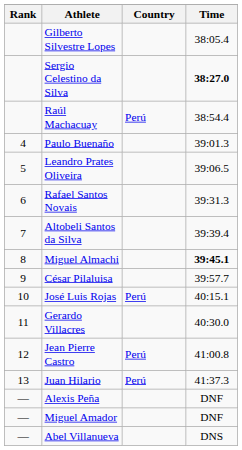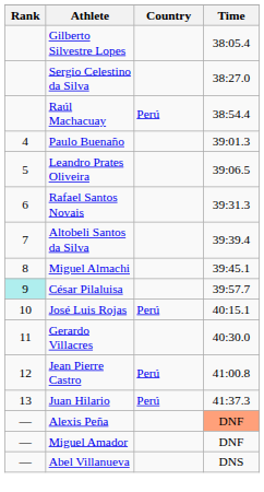 <table class="wikitable sortable" style=" text-align:center; font-size:95%;" width="50%">
 <tr>
 </tr>
 <tr>
 <th width=5%>Rank</th>
 <th width=20%>Athlete</th>
 <th width=15%>Country</th>
 <th width=10%>Time</th>
 </tr>
 <tr>
 <td align=center></td>
 <td align=left><a href='#'>Gilberto Silvestre Lopes</a></td>
 <td align=left></td>
 <td>38:05.4</td>
 </tr>
 <tr>
 <td align=center></td>
 <td align=left><a href='#'>Sergio Celestino da Silva</a></td>
 <td align=left></td>
-<td><strong>38:27.0</strong></td>
+<td>38:27.0</td>
 </tr>
 <tr>
 <td align=center></td>
 <td align=left><a href='#'>Raúl Machacuay</a></td>
 <td align=left> <a href='#'>Perú</a></td>
 <td>38:54.4</td>
 </tr>
 <tr>
 <td align=center>4</td>
 <td align=left><a href='#'>Paulo Buenaño</a></td>
 <td align=left></td>
 <td>39:01.3</td>
 </tr>
 <tr>
 <td align=center>5</td>
 <td align=left><a href='#'>Leandro Prates Oliveira</a></td>
 <td align=left></td>
 <td>39:06.5</td>
 </tr>
 <tr>
 <td align=center>6</td>
 <td align=left><a href='#'>Rafael Santos Novais</a></td>
 <td align=left></td>
 <td>39:31.3</td>
 </tr>
 <tr>
 <td align=center>7</td>
 <td align=left><a href='#'>Altobeli Santos da Silva</a></td>
 <td align=left></td>
 <td>39:39.4</td>
 </tr>
 <tr>
 <td align=center>8</td>
 <td align=left><a href='#'>Miguel Almachi</a></td>
 <td align=left></td>
-<td><strong>39:45.1</strong></td>
+<td>39:45.1</td>
 </tr>
 <tr>
-<td align=center>9</td>
+<td align=center style="background: paleturquoise;">9</td>
 <td align=left><a href='#'>César Pilaluisa</a></td>
 <td align=left></td>
 <td>39:57.7</td>
 </tr>
 <tr>
 <td align=center>10</td>
 <td align=left><a href='#'>José Luis Rojas</a></td>
 <td align=left> <a href='#'>Perú</a></td>
 <td>40:15.1</td>
 </tr>
 <tr>
 <td align=center>11</td>
 <td align=left><a href='#'>Gerardo Villacres</a></td>
 <td align=left></td>
 <td>40:30.0</td>
 </tr>
 <tr>
 <td align=center>12</td>
 <td align=left><a href='#'>Jean Pierre Castro</a></td>
 <td align=left> <a href='#'>Perú</a></td>
 <td>41:00.8</td>
 </tr>
 <tr>
 <td align=center>13</td>
 <td align=left><a href='#'>Juan Hilario</a></td>
 <td align=left> <a href='#'>Perú</a></td>
 <td>41:37.3</td>
 </tr>
 <tr>
 <td align=center>—</td>
 <td align=left><a href='#'>Alexis Peña</a></td>
 <td align=left></td>
-<td>DNF</td>
+<td style="background: lightsalmon;">DNF</td>
 </tr>
 <tr>
 <td align=center>—</td>
 <td align=left><a href='#'>Miguel Amador</a></td>
 <td align=left></td>
 <td>DNF</td>
 </tr>
 <tr>
 <td align=center>—</td>
 <td align=left><a href='#'>Abel Villanueva</a></td>
 <td align=left></td>
 <td>DNS</td>
 </tr>
 </table>
